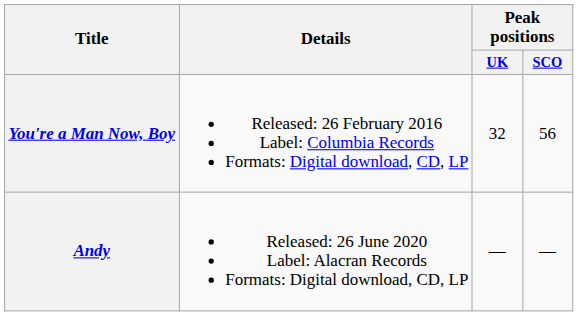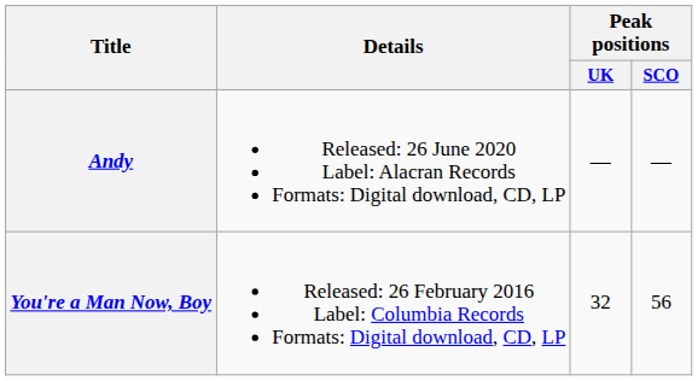 <table class="wikitable plainrowheaders" style="text-align: center;">
 <tr>
 <th scope="col" rowspan="2">Title</th>
 <th scope="col" rowspan="2">Details</th>
 <th scope="col" colspan="2">Peak positions</th>
 </tr>
 <tr>
 <th scope="col" style="width:3em;font-size:85%;"><a href='#'>UK</a><br></th>
 <th scope="col" style="width:3em;font-size:85%;"><a href='#'>SCO</a><br></th>
 </tr>
 <tr>
+<th scope="row"><em><a href='#'>Andy</a></em></th>
+<td><br><ul><li>Released: 26 June 2020</li><li>Label: Alacran Records</li><li>Formats: Digital download, CD, LP</li></ul></td>
+<td>—</td>
+<td>—</td>
+</tr>
+<tr>
 <th scope="row"><em><a href='#'>You're a Man Now, Boy</a></em></th>
 <td><br><ul><li>Released: 26 February 2016</li><li>Label: <a href='#'>Columbia Records</a></li><li>Formats: <a href='#'>Digital download</a>, <a href='#'>CD</a>, <a href='#'>LP</a></li></ul></td>
 <td>32</td>
 <td>56</td>
 </tr>
-<tr>
-<th scope="row"><em><a href='#'>Andy</a></em></th>
-<td><br><ul><li>Released: 26 June 2020</li><li>Label: Alacran Records</li><li>Formats: Digital download, CD, LP</li></ul></td>
-<td>—</td>
-<td>—</td>
-</tr>
 </table>
